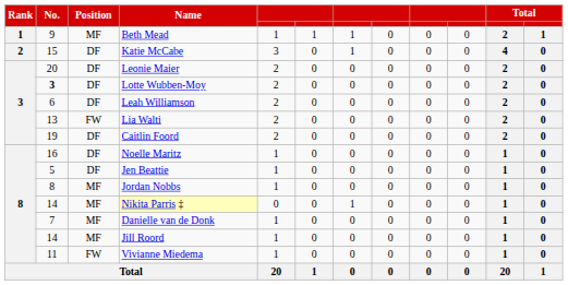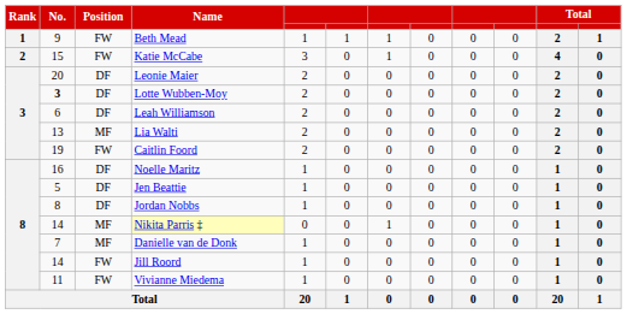 <table class="wikitable" style="text-align:center; font-size:100%; ">
 <tr>
 <th style="background:#d50000; color:white; text-align:center; width:40px" rowspan="2">Rank</th>
 <th style="background:#d50000; color:white; text-align:center; width:40px" rowspan="2">No.</th>
 <th rowspan="2" style="background:#d50000; color:white; text-align:center; width:70px">Position</th>
 <th style="background:#d50000; color:white; text-align:center; width:200px" rowspan="2">Name</th>
 <th style="background:#d50000; color:white; text-align:center;" colspan="2"><a href='#'></a></th>
 <th style="background:#d50000; color:white; text-align:center;" colspan="2"><a href='#'></a></th>
 <th style="background:#d50000; color:white; text-align:center;" colspan="2"><a href='#'></a></th>
 <th style="background:#d50000; color:white; text-align:center;" colspan="2">Total</th>
 </tr>
 <tr>
 <th style="background:#d50000; color:white; text-align:center; width:50px;"></th>
 <th style="background:#d50000; color:white; text-align:center; width:50px;"></th>
 <th style="background:#d50000; color:white; text-align:center; width:50px;"></th>
 <th style="background:#d50000; color:white; text-align:center; width:50px;"></th>
 <th style="background:#d50000; color:white; text-align:center; width:50px;"></th>
 <th style="background:#d50000; color:white; text-align:center; width:50px;"></th>
 <th style="background:#d50000; color:white; text-align:center; width:50px;"></th>
 <th style="background:#d50000; color:white; text-align:center; width:50px;"></th>
 </tr>
 <tr>
 <th>1</th>
 <td>9</td>
-<td>MF</td>
+<td>FW</td>
 <td style="text-align: left"> <a href='#'>Beth Mead</a></td>
 <td>1</td>
 <td>1</td>
 <td>1</td>
 <td>0</td>
 <td>0</td>
 <td>0</td>
 <th>2</th>
 <th>1</th>
 </tr>
 <tr>
 <th>2</th>
 <td>15</td>
-<td>DF</td>
+<td>FW</td>
 <td style="text-align: left"> <a href='#'>Katie McCabe</a></td>
 <td>3</td>
 <td>0</td>
 <td>1</td>
 <td>0</td>
 <td>0</td>
 <td>0</td>
 <th>4</th>
 <th>0</th>
 </tr>
 <tr>
 <th rowspan="5">3</th>
 <td>20</td>
 <td>DF</td>
 <td style="text-align: left"> <a href='#'>Leonie Maier</a></td>
 <td>2</td>
 <td>0</td>
 <td>0</td>
 <td>0</td>
 <td>0</td>
 <td>0</td>
 <th>2</th>
 <th>0</th>
 </tr>
 <tr>
 <td><strong>3</strong></td>
 <td>DF</td>
 <td style="text-align: left"> <a href='#'>Lotte Wubben-Moy</a></td>
 <td>2</td>
 <td>0</td>
 <td>0</td>
 <td>0</td>
 <td>0</td>
 <td>0</td>
 <th>2</th>
 <th>0</th>
 </tr>
 <tr>
 <td>6</td>
 <td>DF</td>
 <td style="text-align: left"> <a href='#'>Leah Williamson</a></td>
 <td>2</td>
 <td>0</td>
 <td>0</td>
 <td>0</td>
 <td>0</td>
 <td>0</td>
 <th>2</th>
 <th>0</th>
 </tr>
 <tr>
 <td>13</td>
-<td>FW</td>
+<td>MF</td>
 <td style="text-align: left"> <a href='#'>Lia Walti</a></td>
 <td>2</td>
 <td>0</td>
 <td>0</td>
 <td>0</td>
 <td>0</td>
 <td>0</td>
 <th>2</th>
 <th>0</th>
 </tr>
 <tr>
 <td>19</td>
-<td>DF</td>
+<td>FW</td>
 <td style="text-align: left"> <a href='#'>Caitlin Foord</a></td>
 <td>2</td>
 <td>0</td>
 <td>0</td>
 <td>0</td>
 <td>0</td>
 <td>0</td>
 <th>2</th>
 <th>0</th>
 </tr>
 <tr>
 <th rowspan="7">8</th>
 <td>16</td>
 <td>DF</td>
 <td style="text-align: left"> <a href='#'>Noelle Maritz</a></td>
 <td>1</td>
 <td>0</td>
 <td>0</td>
 <td>0</td>
 <td>0</td>
 <td>0</td>
 <th>1</th>
 <th>0</th>
 </tr>
 <tr>
 <td>5</td>
 <td>DF</td>
 <td style="text-align: left"> <a href='#'>Jen Beattie</a></td>
 <td>1</td>
 <td>0</td>
 <td>0</td>
 <td>0</td>
 <td>0</td>
 <td>0</td>
 <th>1</th>
 <th>0</th>
 </tr>
 <tr>
 <td>8</td>
-<td>MF</td>
+<td>DF</td>
 <td style="text-align: left"> <a href='#'>Jordan Nobbs</a></td>
 <td>1</td>
 <td>0</td>
 <td>0</td>
 <td>0</td>
 <td>0</td>
 <td>0</td>
 <th>1</th>
 <th>0</th>
 </tr>
 <tr>
 <td>14</td>
 <td>MF</td>
 <td style="background:#ffb; text-align: left"> <a href='#'>Nikita Parris</a> ‡</td>
 <td>0</td>
 <td>0</td>
 <td>1</td>
 <td>0</td>
 <td>0</td>
 <td>0</td>
 <th>1</th>
 <th>0</th>
 </tr>
 <tr>
 <td>7</td>
 <td>MF</td>
 <td style="text-align: left"> <a href='#'>Danielle van de Donk</a></td>
 <td>1</td>
 <td>0</td>
 <td>0</td>
 <td>0</td>
 <td>0</td>
 <td>0</td>
 <th>1</th>
 <th>0</th>
 </tr>
 <tr>
 <td>14</td>
-<td>MF</td>
+<td>FW</td>
 <td style="text-align: left"> <a href='#'>Jill Roord</a></td>
 <td>1</td>
 <td>0</td>
 <td>0</td>
 <td>0</td>
 <td>0</td>
 <td>0</td>
 <th>1</th>
 <th>0</th>
 </tr>
 <tr>
 <td>11</td>
 <td>FW</td>
 <td style="text-align: left"> <a href='#'>Vivianne Miedema</a></td>
 <td>1</td>
 <td>0</td>
 <td>0</td>
 <td>0</td>
 <td>0</td>
 <td>0</td>
 <th>1</th>
 <th>0</th>
 </tr>
 <tr>
 <th colspan="4">Total</th>
 <th>20</th>
 <th>1</th>
 <th>0</th>
 <th>0</th>
 <th>0</th>
 <th>0</th>
 <th>20</th>
 <th>1</th>
 </tr>
 </table>
